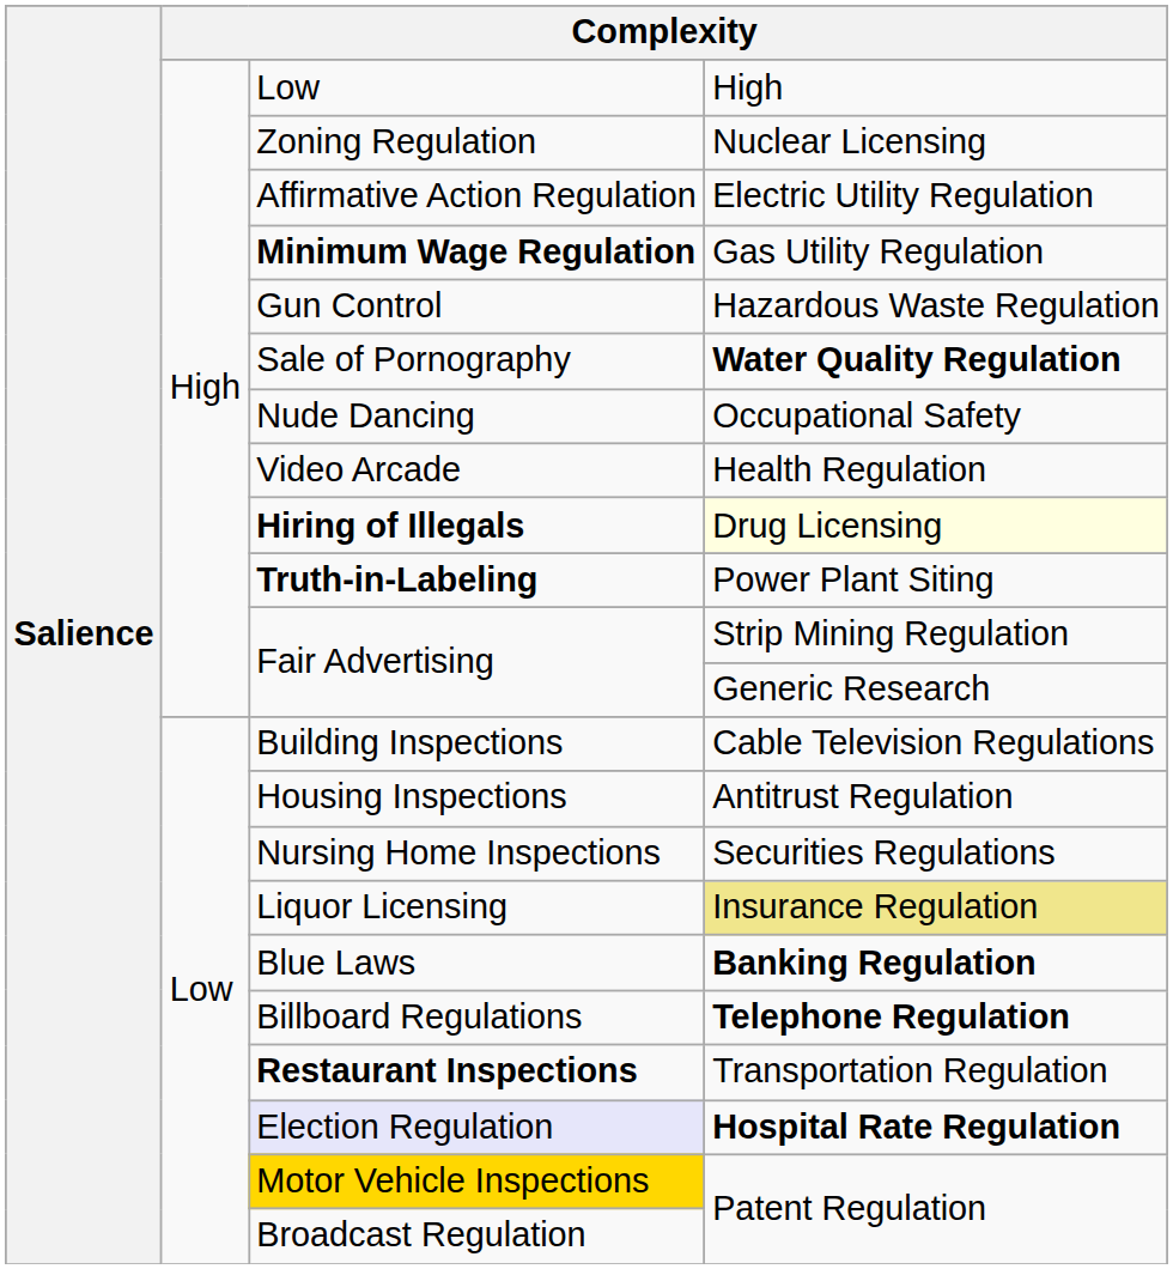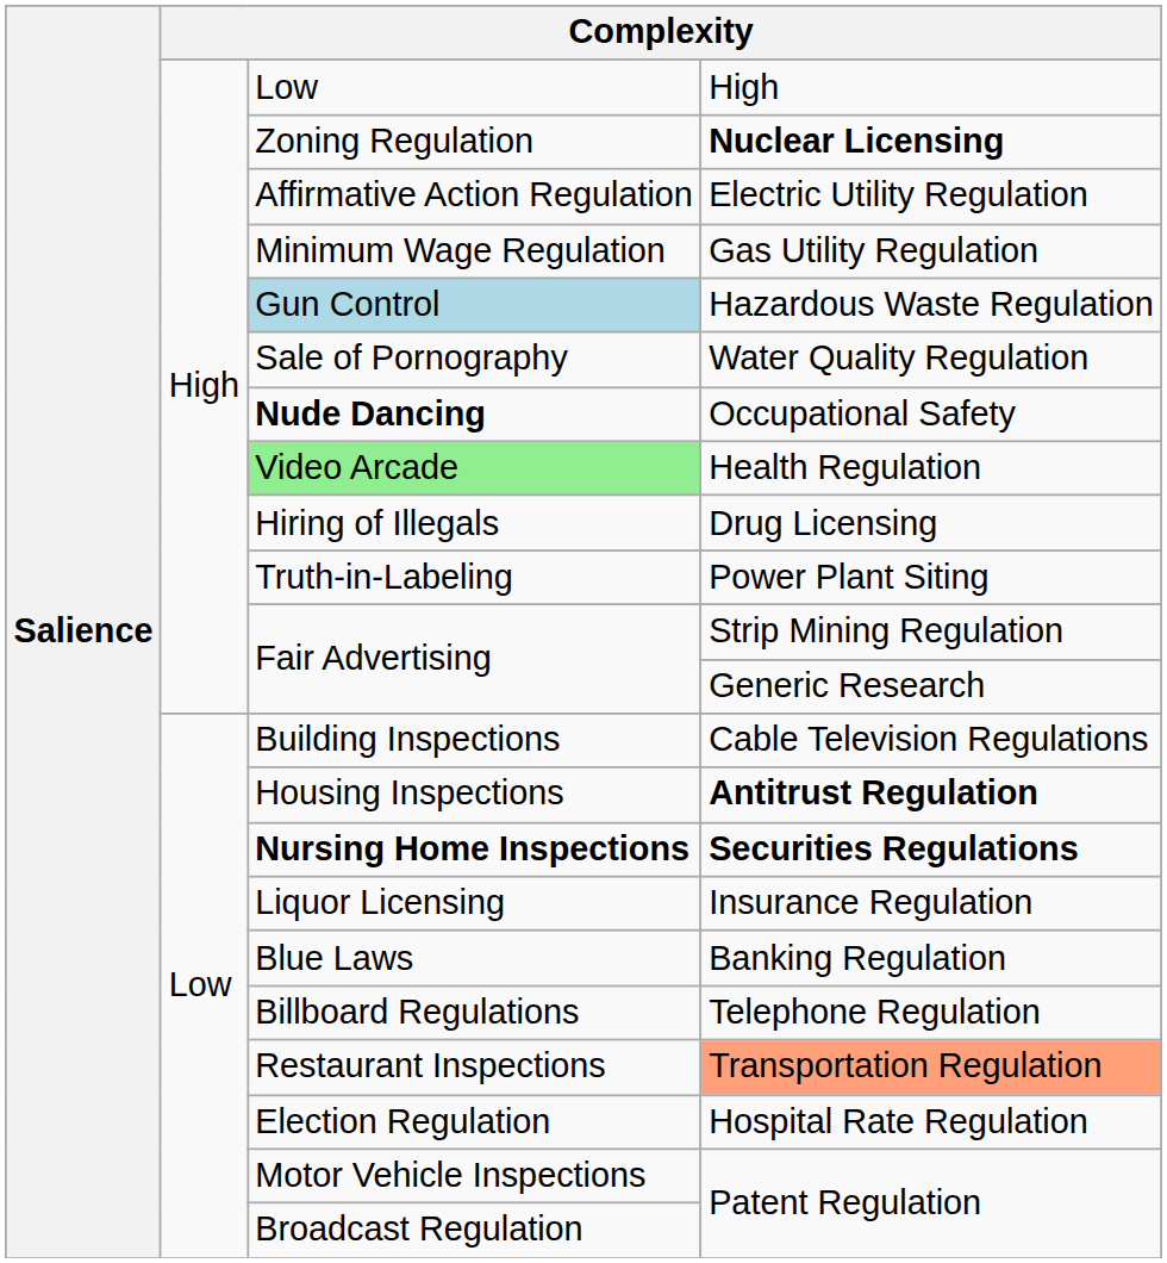 <table class="wikitable">
 <tr>
 <th rowspan="23">Salience</th>
 <th colspan="3">Complexity</th>
 </tr>
 <tr>
 <td rowspan="12">High</td>
 <td>Low</td>
 <td>High</td>
 </tr>
 <tr>
 <td>Zoning Regulation</td>
-<td>Nuclear Licensing</td>
+<td><strong>Nuclear Licensing</strong></td>
 </tr>
 <tr>
 <td>Affirmative Action Regulation</td>
 <td>Electric Utility Regulation</td>
 </tr>
 <tr>
-<td><strong>Minimum Wage Regulation</strong></td>
+<td>Minimum Wage Regulation</td>
 <td>Gas Utility Regulation</td>
 </tr>
 <tr>
-<td>Gun Control</td>
+<td style="background: lightblue;">Gun Control</td>
 <td>Hazardous Waste Regulation</td>
 </tr>
 <tr>
 <td>Sale of Pornography</td>
-<td><strong>Water Quality Regulation</strong></td>
+<td>Water Quality Regulation</td>
 </tr>
 <tr>
-<td>Nude Dancing</td>
+<td><strong>Nude Dancing</strong></td>
 <td>Occupational Safety</td>
 </tr>
 <tr>
-<td>Video Arcade</td>
+<td style="background: lightgreen;">Video Arcade</td>
 <td>Health Regulation</td>
 </tr>
 <tr>
-<td><strong>Hiring of Illegals</strong></td>
-<td style="background: lightyellow;">Drug Licensing</td>
+<td>Hiring of Illegals</td>
+<td>Drug Licensing</td>
 </tr>
 <tr>
-<td><strong>Truth-in-Labeling</strong></td>
+<td>Truth-in-Labeling</td>
 <td>Power Plant Siting</td>
 </tr>
 <tr>
 <td rowspan="2">Fair Advertising</td>
 <td>Strip Mining Regulation</td>
 </tr>
 <tr>
 <td>Generic Research</td>
 </tr>
 <tr>
 <td rowspan="10">Low</td>
 <td>Building Inspections</td>
 <td>Cable Television Regulations</td>
 </tr>
 <tr>
 <td>Housing Inspections</td>
-<td>Antitrust Regulation</td>
+<td><strong>Antitrust Regulation</strong></td>
 </tr>
 <tr>
-<td>Nursing Home Inspections</td>
-<td>Securities Regulations</td>
+<td><strong>Nursing Home Inspections</strong></td>
+<td><strong>Securities Regulations</strong></td>
 </tr>
 <tr>
 <td>Liquor Licensing</td>
-<td style="background: khaki;">Insurance Regulation</td>
+<td>Insurance Regulation</td>
 </tr>
 <tr>
 <td>Blue Laws</td>
-<td><strong>Banking Regulation</strong></td>
+<td>Banking Regulation</td>
 </tr>
 <tr>
 <td>Billboard Regulations</td>
-<td><strong>Telephone Regulation</strong></td>
+<td>Telephone Regulation</td>
 </tr>
 <tr>
-<td><strong>Restaurant Inspections</strong></td>
-<td>Transportation Regulation</td>
+<td>Restaurant Inspections</td>
+<td style="background: lightsalmon;">Transportation Regulation</td>
 </tr>
 <tr>
-<td style="background: lavender;">Election Regulation</td>
-<td><strong>Hospital Rate Regulation</strong></td>
+<td>Election Regulation</td>
+<td>Hospital Rate Regulation</td>
 </tr>
 <tr>
-<td style="background: gold;">Motor Vehicle Inspections</td>
+<td>Motor Vehicle Inspections</td>
 <td rowspan="2">Patent Regulation</td>
 </tr>
 <tr>
 <td>Broadcast Regulation</td>
 </tr>
 </table>
